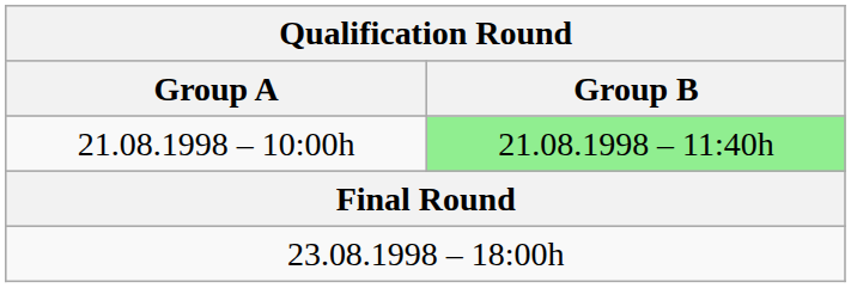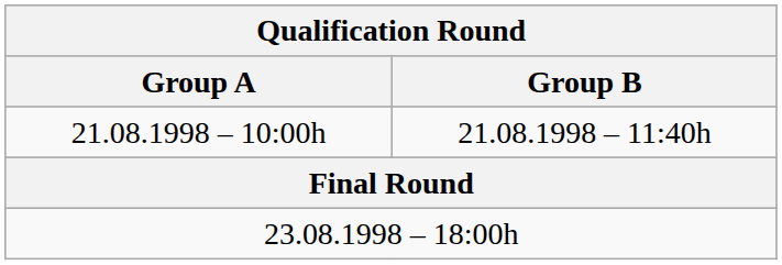 <table class="wikitable" style=" text-align:center; font-size:110%;" width="35%">
 <tr>
 <th colspan="2">Qualification Round</th>
 </tr>
 <tr>
 <th>Group A</th>
 <th>Group B</th>
 </tr>
 <tr>
 <td>21.08.1998 – 10:00h</td>
-<td style="background: lightgreen;">21.08.1998 – 11:40h</td>
+<td>21.08.1998 – 11:40h</td>
 </tr>
 <tr>
 <th colspan="2">Final Round</th>
 </tr>
 <tr>
 <td colspan="2">23.08.1998 – 18:00h</td>
 </tr>
 </table>
